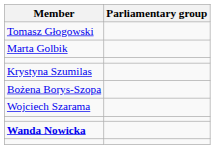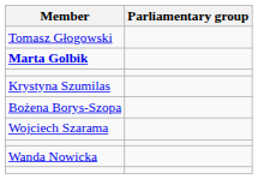 <table class="wikitable">
 <tr>
 <th>Member</th>
 <th colspan="2">Parliamentary group</th>
 </tr>
 <tr>
 <td><a href='#'>Tomasz Głogowski</a></td>
 <td></td>
 </tr>
 <tr>
-<td><a href='#'>Marta Golbik</a></td>
+<td><strong><a href='#'>Marta Golbik</a></strong></td>
 <td></td>
 </tr>
 <tr>
 <td></td>
 <td></td>
 </tr>
 <tr>
 <td><a href='#'>Krystyna Szumilas</a></td>
 <td></td>
 </tr>
 <tr>
 <td><a href='#'>Bożena Borys-Szopa</a></td>
 <td></td>
 </tr>
 <tr>
 <td><a href='#'>Wojciech Szarama</a></td>
 <td></td>
 </tr>
 <tr>
 <td></td>
 <td></td>
 </tr>
 <tr>
-<td><strong><a href='#'>Wanda Nowicka</a></strong></td>
+<td><a href='#'>Wanda Nowicka</a></td>
 <td></td>
 </tr>
 <tr>
 <td></td>
 <td></td>
 </tr>
 </table>
